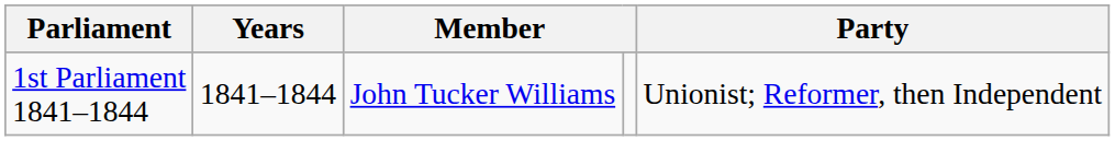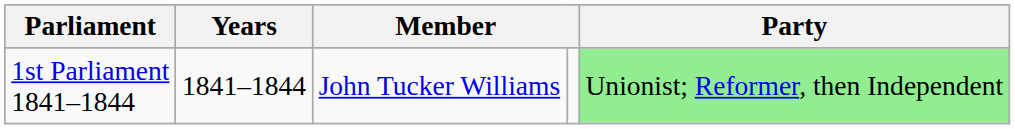 <table class="wikitable">
 <tr>
 <th>Parliament</th>
 <th>Years</th>
 <th colspan="2">Member</th>
 <th>Party</th>
 </tr>
 <tr>
 <td><a href='#'>1st Parliament</a><br>1841–1844</td>
 <td>1841–1844</td>
 <td><a href='#'>John Tucker Williams</a></td>
 <td></td>
-<td>Unionist;  <a href='#'>Reformer</a>, then Independent</td>
+<td style="background: lightgreen;">Unionist;  <a href='#'>Reformer</a>, then Independent</td>
 </tr>
 </table>
